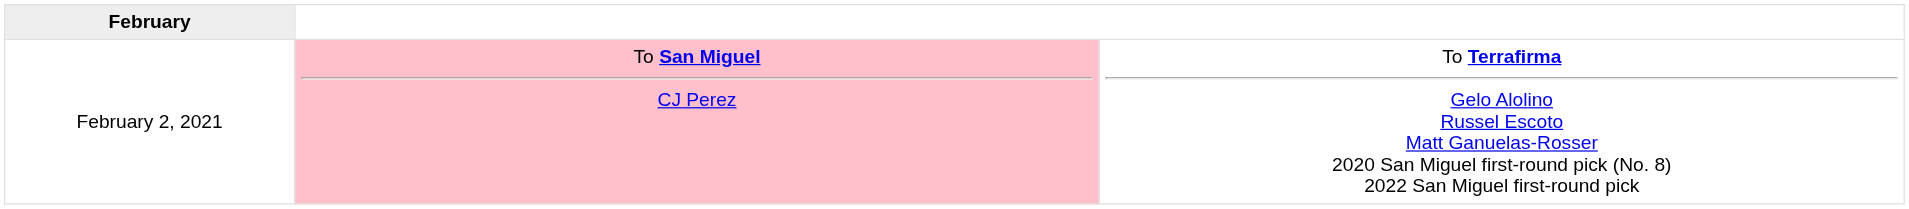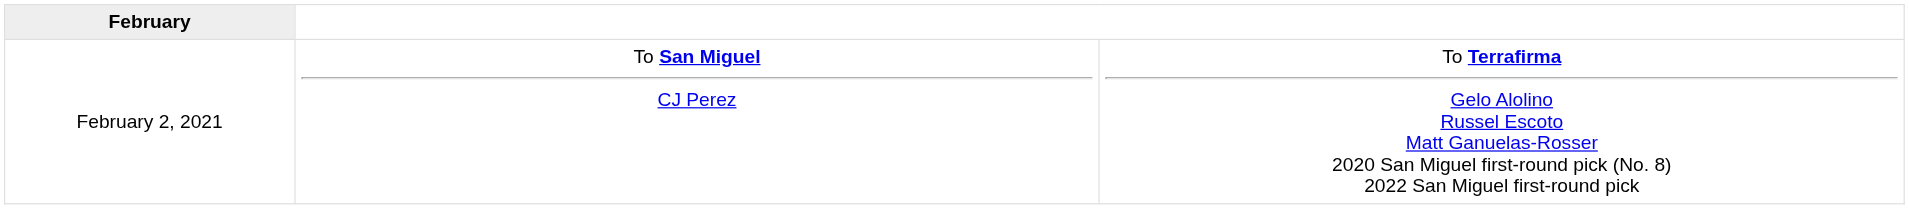 <table border=1 style="border-collapse:collapse; text-align: center; width: 100%" bordercolor="#DFDFDF"  cellpadding="5">
 <tr bgcolor="eeeeee">
 <th>February</th>
 </tr>
 <tr>
 <td style="width:12%">February 2, 2021</td>
-<td style="background: pink; width:33.3%" valign="top">To <strong><a href='#'>San Miguel</a></strong><hr><a href='#'>CJ Perez</a></td>
+<td style="width:33.3%" valign="top">To <strong><a href='#'>San Miguel</a></strong><hr><a href='#'>CJ Perez</a></td>
 <td style="width:33.3%" valign="top">To <strong><a href='#'>Terrafirma</a></strong><hr><a href='#'>Gelo Alolino</a><br><a href='#'>Russel Escoto</a><br><a href='#'>Matt Ganuelas-Rosser</a><br>2020 San Miguel first-round pick (No. 8)<br>2022 San Miguel first-round pick</td>
 </tr>
 </table>
